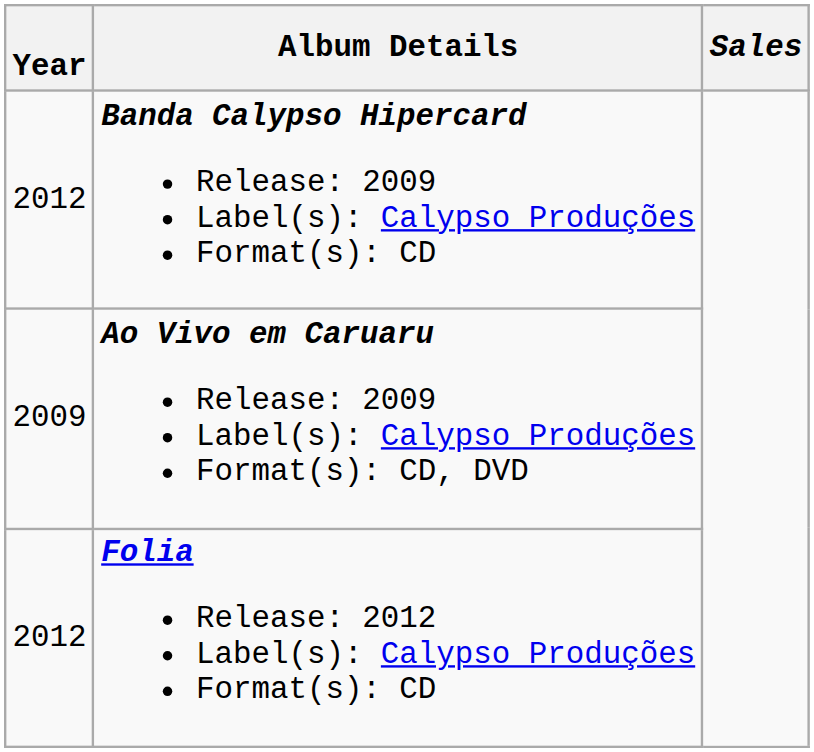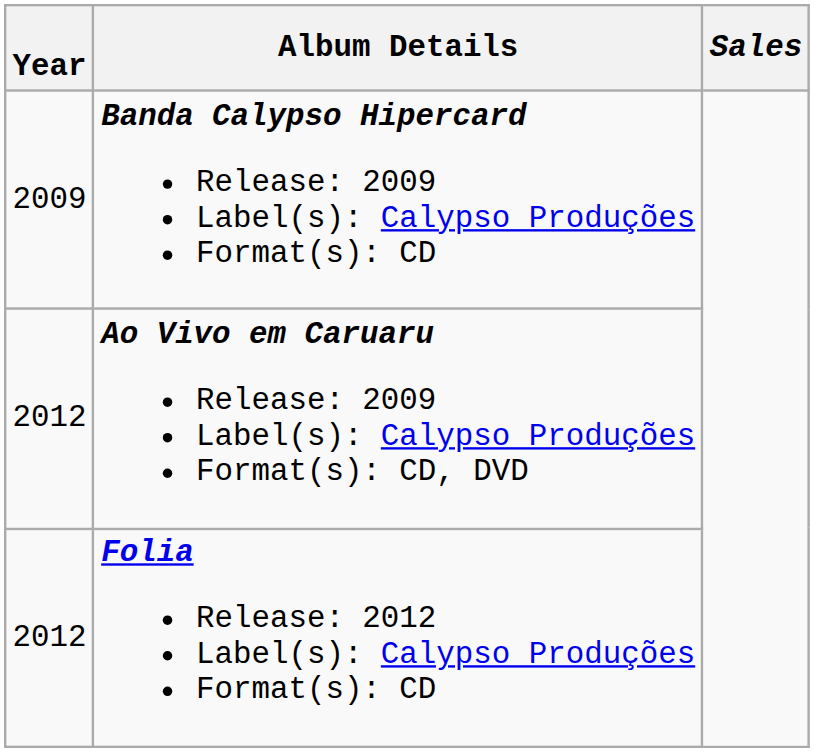 <table class="wikitable">
 <tr>
 <th><br>Year</th>
 <th>Album Details</th>
 <th style="font-style:italic;">Sales</th>
 </tr>
 <tr>
-<td>2012</td>
+<td>2009</td>
 <td><strong><em>Banda Calypso Hipercard</em></strong><br><ul><li>Release: 2009</li><li>Label(s): <a href='#'>Calypso Produções</a></li><li>Format(s): CD</li></ul></td>
 </tr>
 <tr>
-<td>2009</td>
+<td>2012</td>
 <td><strong><em>Ao Vivo em Caruaru</em></strong><br><ul><li>Release: 2009</li><li>Label(s): <a href='#'>Calypso Produções</a></li><li>Format(s): CD, DVD</li></ul></td>
 </tr>
 <tr>
 <td>2012</td>
 <td><strong><em><a href='#'>Folia</a></em></strong><br><ul><li>Release: 2012</li><li>Label(s): <a href='#'>Calypso Produções</a></li><li>Format(s): CD</li></ul></td>
 </tr>
 <tr>
 </tr>
 </table>
